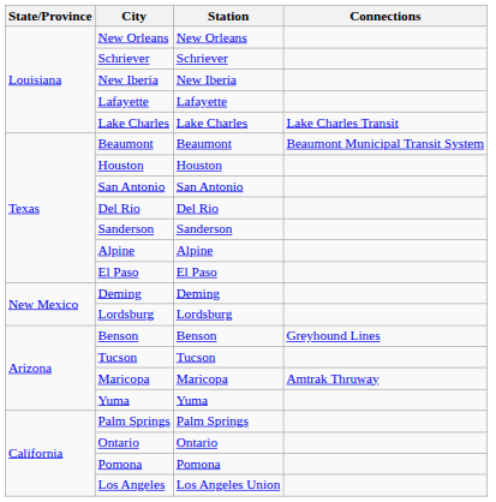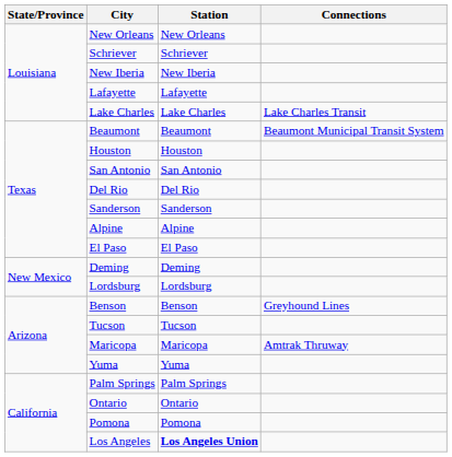 <table class="wikitable">
 <tr>
 <th>State/Province</th>
 <th>City</th>
 <th>Station</th>
 <th>Connections</th>
 </tr>
 <tr>
 <td rowspan='5'><a href='#'>Louisiana</a></td>
 <td><a href='#'>New Orleans</a></td>
 <td><a href='#'>New Orleans</a></td>
 <td></td>
 </tr>
 <tr>
 <td><a href='#'>Schriever</a></td>
 <td><a href='#'>Schriever</a></td>
 <td></td>
 </tr>
 <tr>
 <td><a href='#'>New Iberia</a></td>
 <td><a href='#'>New Iberia</a></td>
 <td></td>
 </tr>
 <tr>
 <td><a href='#'>Lafayette</a></td>
 <td><a href='#'>Lafayette</a></td>
 <td></td>
 </tr>
 <tr>
 <td><a href='#'>Lake Charles</a></td>
 <td><a href='#'>Lake Charles</a></td>
 <td> <a href='#'>Lake Charles Transit</a></td>
 </tr>
 <tr>
 <td rowspan='7'><a href='#'>Texas</a></td>
 <td><a href='#'>Beaumont</a></td>
 <td><a href='#'>Beaumont</a></td>
 <td> <a href='#'>Beaumont Municipal Transit System</a></td>
 </tr>
 <tr>
 <td><a href='#'>Houston</a></td>
 <td><a href='#'>Houston</a></td>
 <td></td>
 </tr>
 <tr>
 <td><a href='#'>San Antonio</a></td>
 <td><a href='#'>San Antonio</a></td>
 <td></td>
 </tr>
 <tr>
 <td><a href='#'>Del Rio</a></td>
 <td><a href='#'>Del Rio</a></td>
 <td></td>
 </tr>
 <tr>
 <td><a href='#'>Sanderson</a></td>
 <td><a href='#'>Sanderson</a></td>
 <td></td>
 </tr>
 <tr>
 <td><a href='#'>Alpine</a></td>
 <td><a href='#'>Alpine</a></td>
 <td></td>
 </tr>
 <tr>
 <td><a href='#'>El Paso</a></td>
 <td><a href='#'>El Paso</a></td>
 <td></td>
 </tr>
 <tr>
 <td rowspan='2'><a href='#'>New Mexico</a></td>
 <td><a href='#'>Deming</a></td>
 <td><a href='#'>Deming</a></td>
 <td></td>
 </tr>
 <tr>
 <td><a href='#'>Lordsburg</a></td>
 <td><a href='#'>Lordsburg</a></td>
 <td></td>
 </tr>
 <tr>
 <td rowspan='4'><a href='#'>Arizona</a></td>
 <td><a href='#'>Benson</a></td>
 <td><a href='#'>Benson</a></td>
 <td> <a href='#'>Greyhound Lines</a></td>
 </tr>
 <tr>
 <td><a href='#'>Tucson</a></td>
 <td><a href='#'>Tucson</a></td>
 <td></td>
 </tr>
 <tr>
 <td><a href='#'>Maricopa</a></td>
 <td><a href='#'>Maricopa</a></td>
 <td> <a href='#'>Amtrak Thruway</a></td>
 </tr>
 <tr>
 <td><a href='#'>Yuma</a></td>
 <td><a href='#'>Yuma</a></td>
 <td></td>
 </tr>
 <tr>
 <td rowspan='4'><a href='#'>California</a></td>
 <td><a href='#'>Palm Springs</a></td>
 <td><a href='#'>Palm Springs</a></td>
 <td></td>
 </tr>
 <tr>
 <td><a href='#'>Ontario</a></td>
 <td><a href='#'>Ontario</a></td>
 <td></td>
 </tr>
 <tr>
 <td><a href='#'>Pomona</a></td>
 <td><a href='#'>Pomona</a></td>
 <td></td>
 </tr>
 <tr>
 <td><a href='#'>Los Angeles</a></td>
-<td><a href='#'>Los Angeles Union</a></td>
+<td><strong><a href='#'>Los Angeles Union</a></strong></td>
 <td></td>
 </tr>
 </table>
